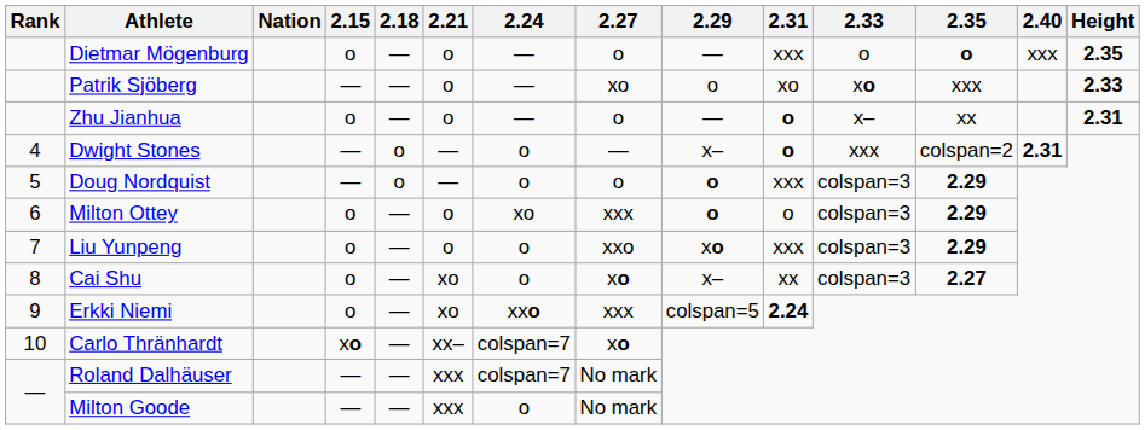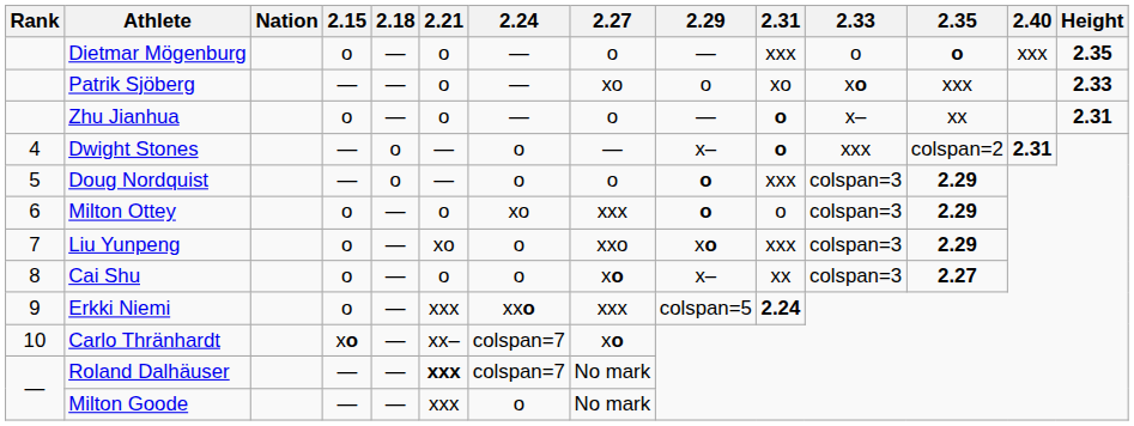 <table class="wikitable sortable" style="text-align:center">
 <tr>
 <th>Rank</th>
 <th>Athlete</th>
 <th>Nation</th>
 <th>2.15</th>
 <th>2.18</th>
 <th>2.21</th>
 <th>2.24</th>
 <th>2.27</th>
 <th>2.29</th>
 <th>2.31</th>
 <th>2.33</th>
 <th>2.35</th>
 <th>2.40</th>
 <th>Height</th>
 </tr>
 <tr>
 <td></td>
 <td align=left><a href='#'>Dietmar Mögenburg</a></td>
 <td align="left"></td>
 <td>o</td>
 <td>—</td>
 <td>o</td>
 <td>—</td>
 <td>o</td>
 <td>—</td>
 <td>xxx</td>
 <td>o</td>
 <td><strong>o</strong></td>
 <td>xxx</td>
 <td><strong>2.35</strong></td>
 </tr>
 <tr>
 <td></td>
 <td align=left><a href='#'>Patrik Sjöberg</a></td>
 <td align=left></td>
 <td>—</td>
 <td>—</td>
 <td>o</td>
 <td>—</td>
 <td>xo</td>
 <td>o</td>
 <td>xo</td>
 <td>x<strong>o</strong></td>
 <td>xxx</td>
 <td></td>
 <td><strong>2.33</strong></td>
 </tr>
 <tr>
 <td></td>
 <td align=left><a href='#'>Zhu Jianhua</a></td>
 <td align=left></td>
 <td>o</td>
 <td>—</td>
 <td>o</td>
 <td>—</td>
 <td>o</td>
 <td>—</td>
 <td><strong>o</strong></td>
 <td>x–</td>
 <td>xx</td>
 <td></td>
 <td><strong>2.31</strong></td>
 </tr>
 <tr>
 <td>4</td>
 <td align=left><a href='#'>Dwight Stones</a></td>
 <td align=left></td>
 <td>—</td>
 <td>o</td>
 <td>—</td>
 <td>o</td>
 <td>—</td>
 <td>x–</td>
 <td><strong>o</strong></td>
 <td>xxx</td>
 <td>colspan=2 </td>
 <td><strong>2.31</strong></td>
 </tr>
 <tr>
 <td>5</td>
 <td align=left><a href='#'>Doug Nordquist</a></td>
 <td align=left></td>
 <td>—</td>
 <td>o</td>
 <td>—</td>
 <td>o</td>
 <td>o</td>
 <td><strong>o</strong></td>
 <td>xxx</td>
 <td>colspan=3 </td>
 <td><strong>2.29</strong></td>
 </tr>
 <tr>
 <td>6</td>
 <td align=left><a href='#'>Milton Ottey</a></td>
 <td align=left></td>
 <td>o</td>
 <td>—</td>
 <td>o</td>
 <td>xo</td>
 <td>xxx</td>
 <td><strong>o</strong></td>
 <td>o</td>
 <td>colspan=3 </td>
 <td><strong>2.29</strong></td>
 </tr>
 <tr>
 <td>7</td>
 <td align=left><a href='#'>Liu Yunpeng</a></td>
 <td align=left></td>
 <td>o</td>
 <td>—</td>
-<td>o</td>
+<td>xo</td>
 <td>o</td>
 <td>xxo</td>
 <td>x<strong>o</strong></td>
 <td>xxx</td>
 <td>colspan=3 </td>
 <td><strong>2.29</strong></td>
 </tr>
 <tr>
 <td>8</td>
 <td align=left><a href='#'>Cai Shu</a></td>
 <td align=left></td>
 <td>o</td>
 <td>—</td>
-<td>xo</td>
+<td>o</td>
 <td>o</td>
 <td>x<strong>o</strong></td>
 <td>x–</td>
 <td>xx</td>
 <td>colspan=3 </td>
 <td><strong>2.27</strong></td>
 </tr>
 <tr>
 <td>9</td>
 <td align=left><a href='#'>Erkki Niemi</a></td>
 <td align=left></td>
 <td>o</td>
 <td>—</td>
-<td>xo</td>
+<td>xxx</td>
 <td>xx<strong>o</strong></td>
 <td>xxx</td>
 <td>colspan=5 </td>
 <td><strong>2.24</strong></td>
 </tr>
 <tr>
 <td>10</td>
 <td align=left><a href='#'>Carlo Thränhardt</a></td>
 <td align=left></td>
 <td>x<strong>o</strong></td>
 <td>—</td>
 <td>xx–</td>
 <td>colspan=7 </td>
 <td>x<strong>o</strong></td>
 </tr>
 <tr>
 <td rowspan=2 data-sort-value=11>—</td>
 <td align=left><a href='#'>Roland Dalhäuser</a></td>
 <td align=left></td>
 <td>—</td>
 <td>—</td>
-<td>xxx</td>
+<td><strong>xxx</strong></td>
 <td>colspan=7 </td>
 <td data-sort-value=1.00>No mark</td>
 </tr>
 <tr>
 <td align=left><a href='#'>Milton Goode</a></td>
 <td align=left></td>
 <td>—</td>
 <td>—</td>
 <td>xxx</td>
 <td>o</td>
 <td data-sort-value=1.00>No mark</td>
 </tr>
 </table>
